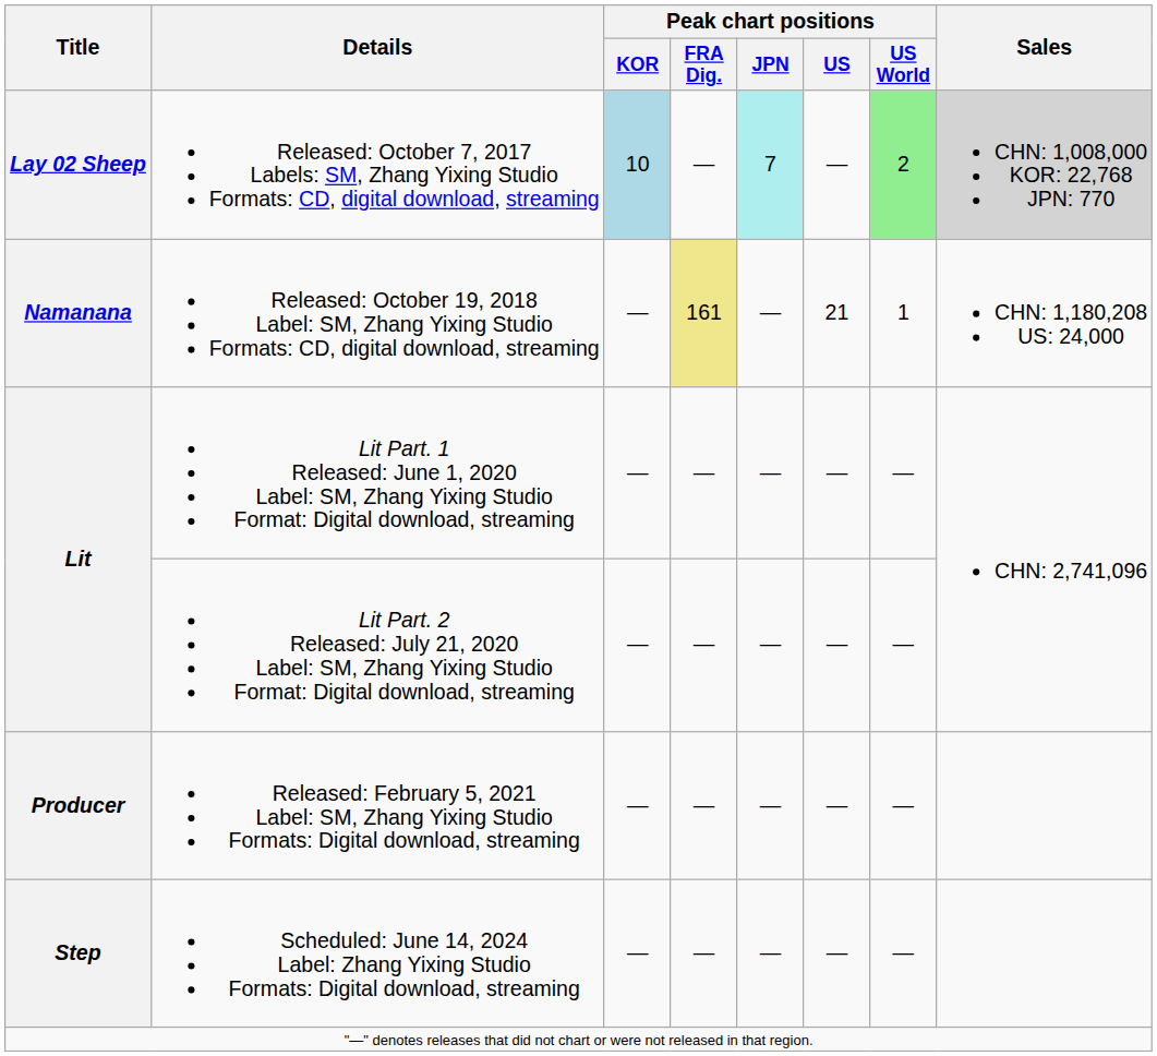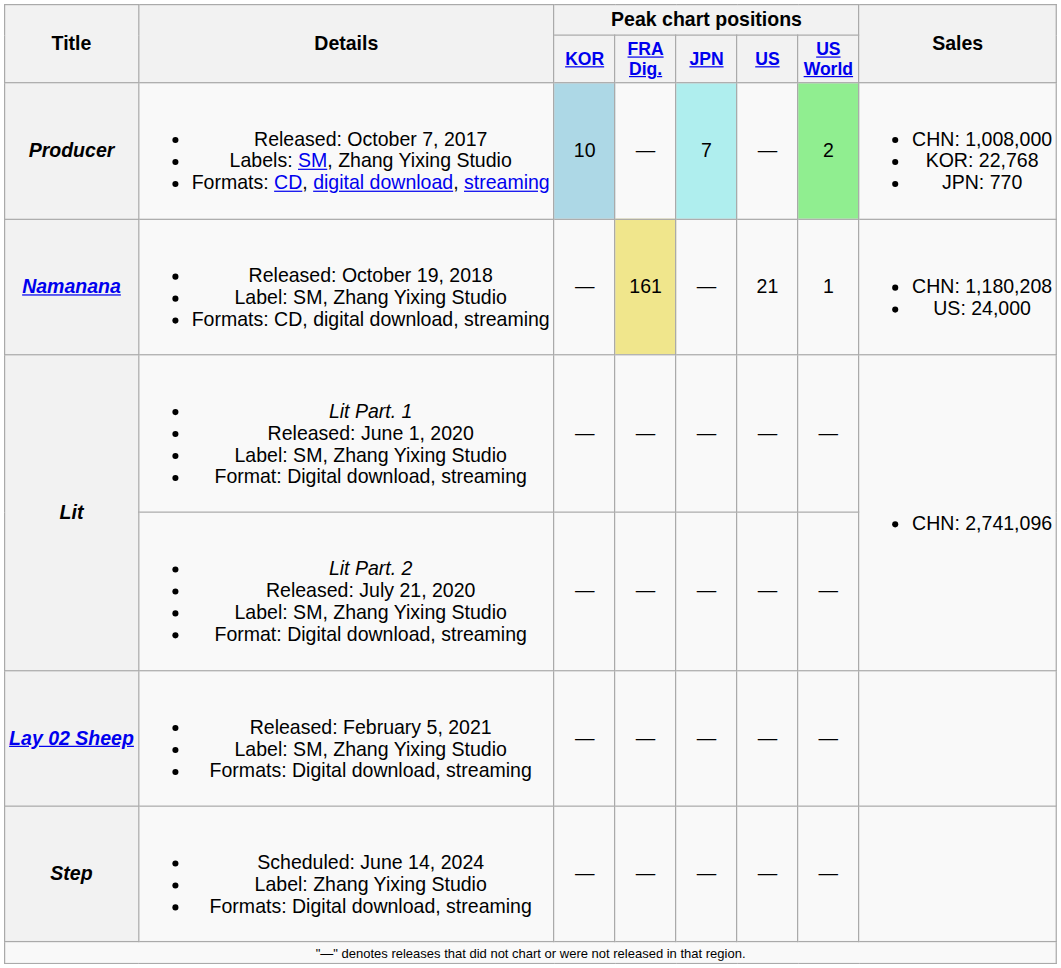 <table class="wikitable plainrowheaders" style="text-align:center;">
 <tr>
 <th scope="col" rowspan="2">Title</th>
 <th scope="col" rowspan="2">Details</th>
 <th scope="col" colspan="5">Peak chart positions</th>
 <th scope="col" rowspan="2">Sales</th>
 </tr>
 <tr>
 <th scope="col" style="width:3em;font-size:90%;"><a href='#'>KOR</a><br></th>
 <th scope="col" style="width:3em;font-size:90%;"><a href='#'>FRA Dig.</a><br></th>
 <th scope="col" style="width:3em;font-size:90%;"><a href='#'>JPN</a><br></th>
 <th scope="col" style="width:3em;font-size:90%;"><a href='#'>US</a><br></th>
 <th scope="col" style="width:3em;font-size:90%;"><a href='#'>US<br>World</a><br></th>
 </tr>
 <tr>
-<th scope="row"><em><a href='#'>Lay 02 Sheep</a></em></th>
+<th scope="row"><em>Producer</em></th>
 <td><br><ul><li>Released: October 7, 2017</li><li>Labels: <a href='#'>SM</a>, Zhang Yixing Studio</li><li>Formats: <a href='#'>CD</a>, <a href='#'>digital download</a>, <a href='#'>streaming</a></li></ul></td>
 <td style="background: lightblue;">10</td>
 <td>—</td>
 <td style="background: paleturquoise;">7</td>
 <td>—</td>
 <td style="background: lightgreen;">2</td>
-<td style="background: lightgrey;"><br><ul><li>CHN: 1,008,000 <small></small></li><li>KOR: 22,768</li><li>JPN: 770</li></ul></td>
+<td><br><ul><li>CHN: 1,008,000 <small></small></li><li>KOR: 22,768</li><li>JPN: 770</li></ul></td>
 </tr>
 <tr>
 <th scope="row"><em><a href='#'>Namanana</a></em></th>
 <td><br><ul><li>Released: October 19, 2018</li><li>Label: SM, Zhang Yixing Studio</li><li>Formats: CD, digital download, streaming</li></ul></td>
 <td>—</td>
 <td style="background: khaki;">161</td>
 <td>—</td>
 <td>21</td>
 <td>1</td>
 <td><br><ul><li>CHN: 1,180,208 <small></small></li><li>US: 24,000</li></ul></td>
 </tr>
 <tr>
 <th scope=row rowspan="2"><em>Lit</em></th>
 <td><br><ul><li><em>Lit Part. 1</em></li><li>Released: June 1, 2020</li><li>Label: SM, Zhang Yixing Studio</li><li>Format: Digital download, streaming</li></ul></td>
 <td>—</td>
 <td>—</td>
 <td>—</td>
 <td>—</td>
 <td>—</td>
 <td rowspan="2"><br><ul><li>CHN: 2,741,096 <small></small></li></ul></td>
 </tr>
 <tr>
 <td><br><ul><li><em>Lit Part. 2</em></li><li>Released: July 21, 2020</li><li>Label: SM, Zhang Yixing Studio</li><li>Format: Digital download, streaming</li></ul></td>
 <td>—</td>
 <td>—</td>
 <td>—</td>
 <td>—</td>
 <td>—</td>
 </tr>
 <tr>
-<th scope="row"><em>Producer</em></th>
+<th scope="row"><em><a href='#'>Lay 02 Sheep</a></em></th>
 <td><br><ul><li>Released: February 5, 2021</li><li>Label: SM, Zhang Yixing Studio</li><li>Formats: Digital download, streaming</li></ul></td>
 <td>—</td>
 <td>—</td>
 <td>—</td>
 <td>—</td>
 <td>—</td>
 <td></td>
 </tr>
 <tr>
 <th scope="row"><em>Step</em></th>
 <td><br><ul><li>Scheduled: June 14, 2024</li><li>Label: Zhang Yixing Studio</li><li>Formats: Digital download, streaming</li></ul></td>
 <td>—</td>
 <td>—</td>
 <td>—</td>
 <td>—</td>
 <td>—</td>
 <td></td>
 </tr>
 <tr>
 <td colspan="10" style="font-size:8pt;">"—" denotes releases that did not chart or were not released in that region.</td>
 </tr>
 </table>
